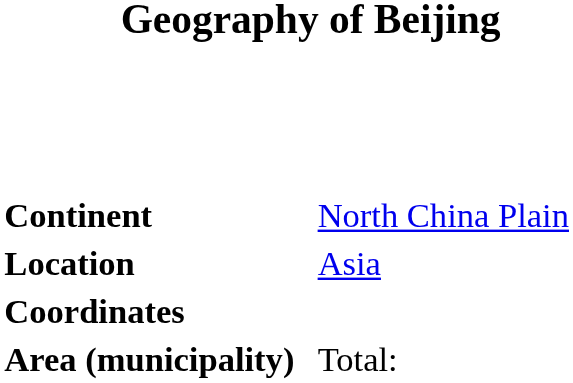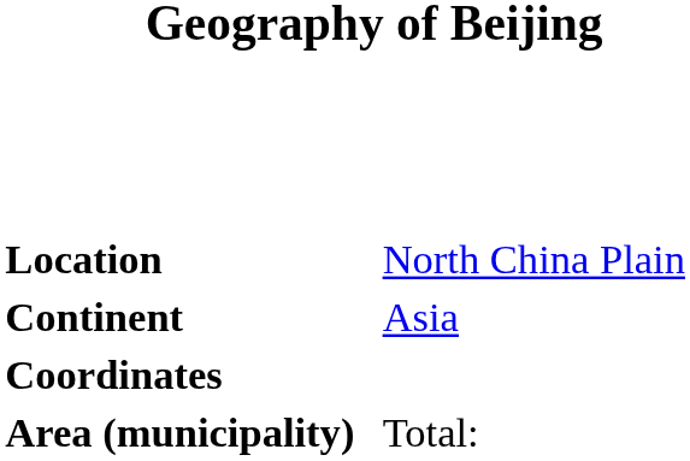 <table class="toccolours" style="float: right; width: 18em; font-size: 90%;" cellspacing="1">
 <tr>
 <td colspan="2" style="text-align: center; font-size: larger;"><strong>Geography of Beijing</strong></td>
 </tr>
 <tr>
 <td colspan="2" style="padding: 1em 0; text-align: center;"></td>
 </tr>
 <tr>
 <td colspan="2" style="padding: 1em 0; text-align: center;"></td>
 </tr>
 <tr style="vertical-align: top;">
-<td><strong>Continent</strong></td>
+<td><strong>Location</strong></td>
 <td style="padding-right: 1em;"><a href='#'>North China Plain</a></td>
 </tr>
 <tr style="vertical-align: top;">
-<td><strong>Location</strong></td>
+<td><strong>Continent</strong></td>
 <td style="padding-right: 1em;"><a href='#'>Asia</a></td>
 </tr>
 <tr style="vertical-align: top;">
 <td><strong>Coordinates</strong></td>
 <td style="padding-right: 1em;"></td>
 </tr>
 <tr style="vertical-align: top;">
 <td><strong>Area (municipality)</strong></td>
 <td style="padding-right: 1em;">Total: <br></td>
 </tr>
 </table>
